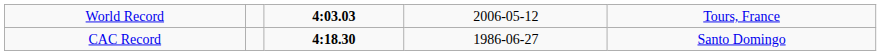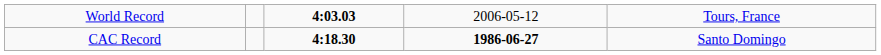 <table class="wikitable" style=" text-align:center; font-size:95%;" width="75%">
 <tr>
 <td><a href='#'>World Record</a></td>
 <td></td>
 <td><strong>4:03.03</strong></td>
 <td>2006-05-12</td>
 <td> <a href='#'>Tours, France</a></td>
 </tr>
 <tr>
 <td><a href='#'>CAC Record</a></td>
 <td></td>
 <td><strong>4:18.30</strong></td>
-<td>1986-06-27</td>
+<td><strong>1986-06-27</strong></td>
 <td> <a href='#'>Santo Domingo</a></td>
 </tr>
 </table>
